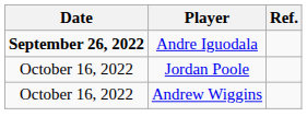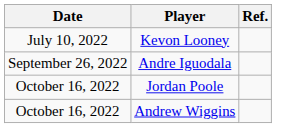 <table class="wikitable sortable sortable" style="text-align: center">
 <tr>
 <th>Date</th>
 <th>Player</th>
 <th>Ref.</th>
 </tr>
 <tr>
-<td><strong>September 26, 2022</strong></td>
+<td>July 10, 2022</td>
+<td><a href='#'>Kevon Looney</a></td>
+<td></td>
+</tr>
+<tr>
+<td>September 26, 2022</td>
 <td><a href='#'>Andre Iguodala</a></td>
 <td></td>
 </tr>
 <tr>
 <td>October 16, 2022</td>
 <td><a href='#'>Jordan Poole</a></td>
 <td></td>
 </tr>
 <tr>
 <td>October 16, 2022</td>
 <td><a href='#'>Andrew Wiggins</a></td>
 <td></td>
 </tr>
 </table>
